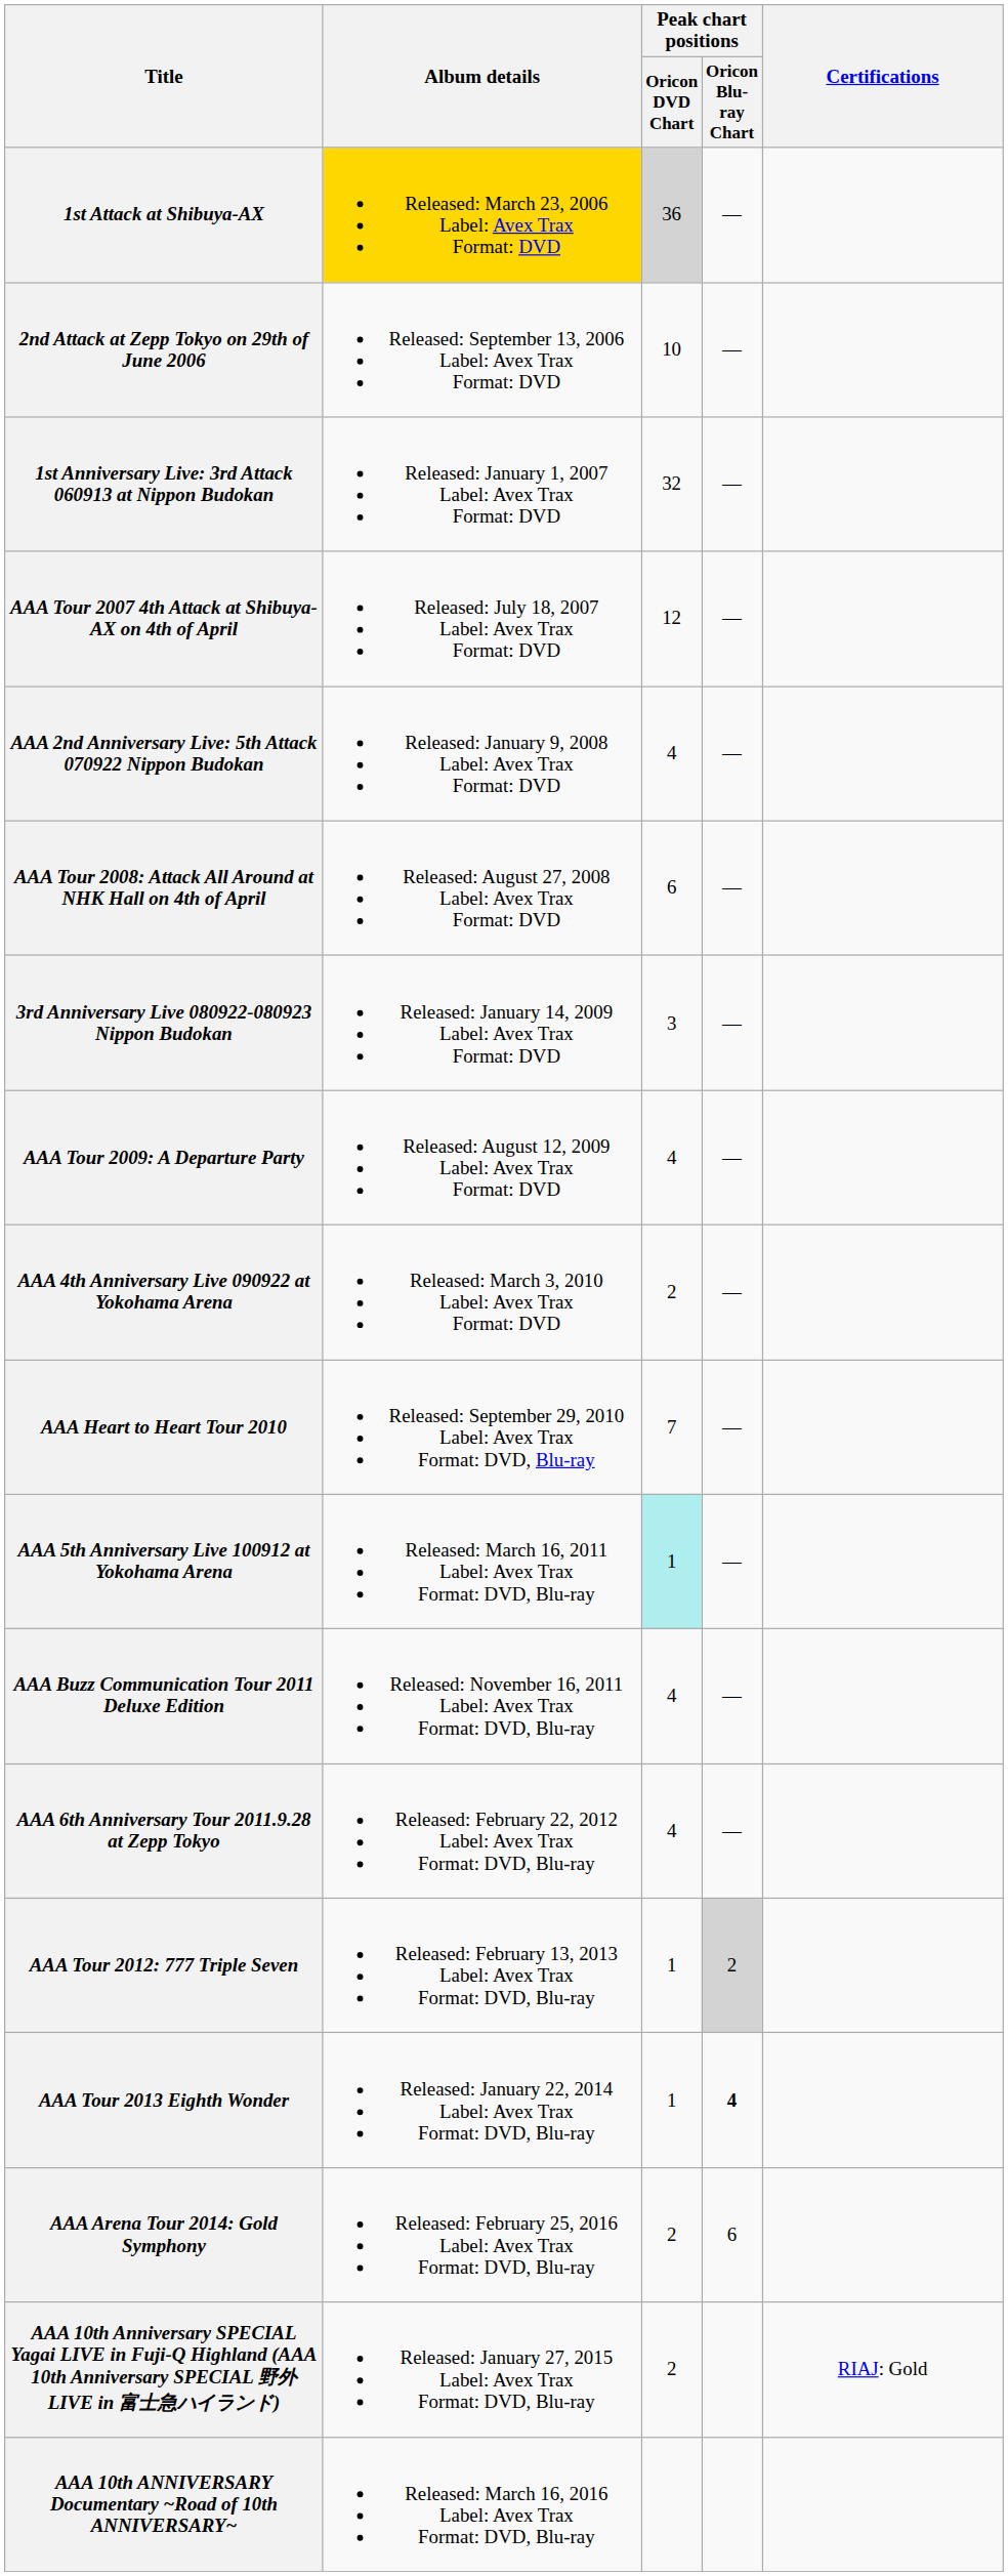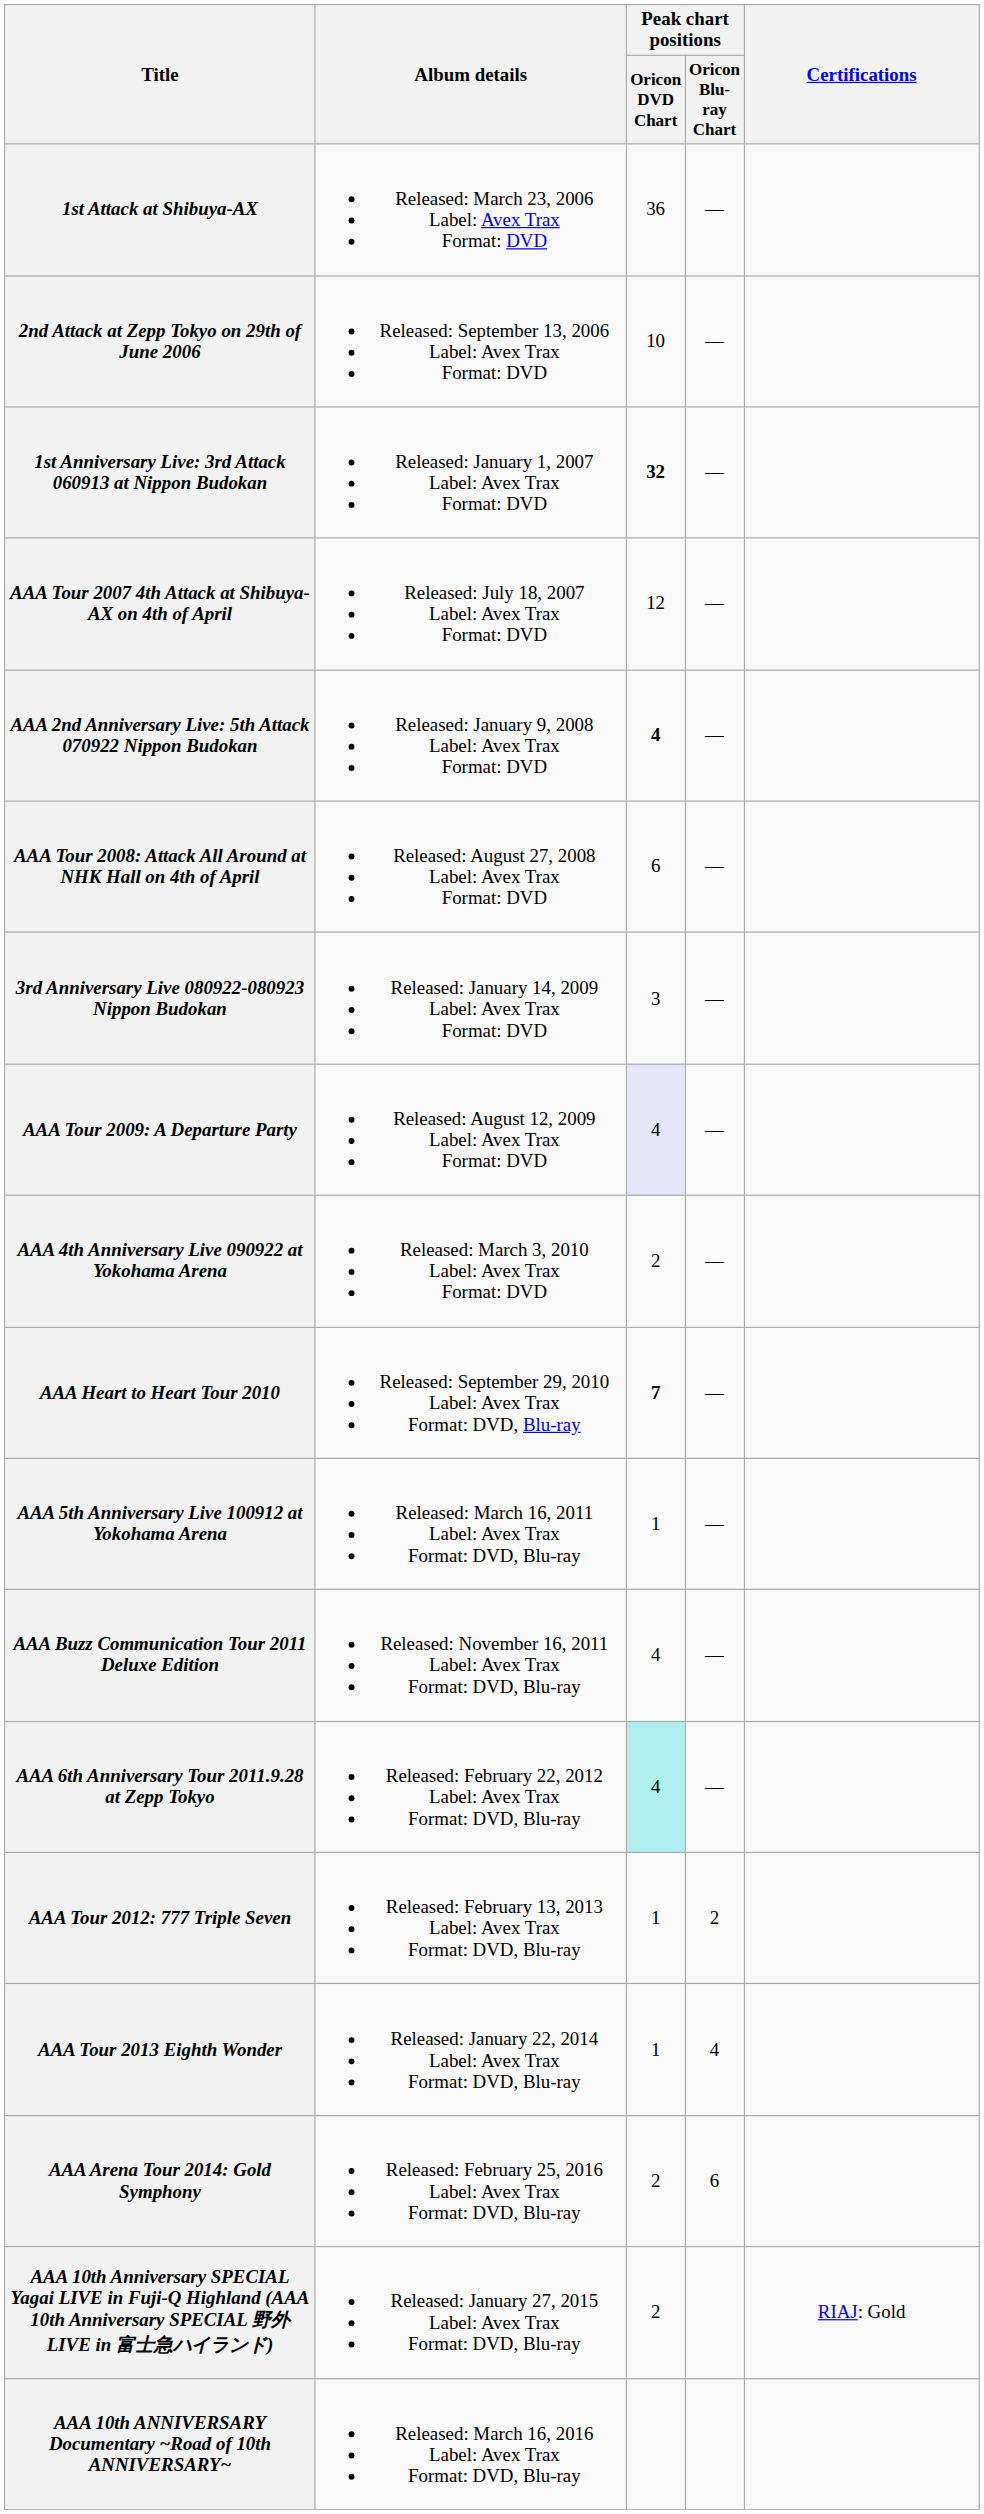 <table class="wikitable plainrowheaders" style="text-align:center;" border="1">
 <tr>
 <th scope="col" rowspan="2" style="width:16em;">Title</th>
 <th scope="col" rowspan="2" style="width:16em;">Album details</th>
 <th scope="col" colspan="2">Peak chart positions</th>
 <th scope="col" rowspan="2" style="width:12em;"><a href='#'>Certifications</a></th>
 </tr>
 <tr>
 <th scope="col" style="width:2.2em;font-size:90%;">Oricon DVD Chart<br></th>
 <th scope="col" style="width:2.2em;font-size:90%;">Oricon Blu-ray Chart<br></th>
 </tr>
 <tr>
 <th scope="row"><em>1st Attack at Shibuya-AX</em></th>
-<td style="background: gold;"><br><ul><li>Released: March 23, 2006</li><li>Label: <a href='#'>Avex Trax</a></li><li>Format: <a href='#'>DVD</a></li></ul></td>
-<td style="background: lightgrey;">36</td>
+<td><br><ul><li>Released: March 23, 2006</li><li>Label: <a href='#'>Avex Trax</a></li><li>Format: <a href='#'>DVD</a></li></ul></td>
+<td>36</td>
 <td>—</td>
 <td></td>
 </tr>
 <tr>
 <th scope="row"><em>2nd Attack at Zepp Tokyo on 29th of June 2006</em></th>
 <td><br><ul><li>Released: September 13, 2006</li><li>Label: Avex Trax</li><li>Format: DVD</li></ul></td>
 <td>10</td>
 <td>—</td>
 <td></td>
 </tr>
 <tr>
 <th scope="row"><em>1st Anniversary Live: 3rd Attack 060913 at Nippon Budokan</em></th>
 <td><br><ul><li>Released: January 1, 2007</li><li>Label: Avex Trax</li><li>Format: DVD</li></ul></td>
-<td>32</td>
+<td><strong>32</strong></td>
 <td>—</td>
 <td></td>
 </tr>
 <tr>
 <th scope="row"><em>AAA Tour 2007 4th Attack at Shibuya-AX on 4th of April</em></th>
 <td><br><ul><li>Released: July 18, 2007</li><li>Label: Avex Trax</li><li>Format: DVD</li></ul></td>
 <td>12</td>
 <td>—</td>
 <td></td>
 </tr>
 <tr>
 <th scope="row"><em>AAA 2nd Anniversary Live: 5th Attack 070922 Nippon Budokan</em></th>
 <td><br><ul><li>Released: January 9, 2008</li><li>Label: Avex Trax</li><li>Format: DVD</li></ul></td>
-<td>4</td>
+<td><strong>4</strong></td>
 <td>—</td>
 <td></td>
 </tr>
 <tr>
 <th scope="row"><em>AAA Tour 2008: Attack All Around at NHK Hall on 4th of April</em></th>
 <td><br><ul><li>Released: August 27, 2008</li><li>Label: Avex Trax</li><li>Format: DVD</li></ul></td>
 <td>6</td>
 <td>—</td>
 <td></td>
 </tr>
 <tr>
 <th scope="row"><em>3rd Anniversary Live 080922-080923 Nippon Budokan</em></th>
 <td><br><ul><li>Released: January 14, 2009</li><li>Label: Avex Trax</li><li>Format: DVD</li></ul></td>
 <td>3</td>
 <td>—</td>
 <td></td>
 </tr>
 <tr>
 <th scope="row"><em>AAA Tour 2009: A Departure Party</em></th>
 <td><br><ul><li>Released: August 12, 2009</li><li>Label: Avex Trax</li><li>Format: DVD</li></ul></td>
-<td>4</td>
+<td style="background: lavender;">4</td>
 <td>—</td>
 <td></td>
 </tr>
 <tr>
 <th scope="row"><em>AAA 4th Anniversary Live 090922 at Yokohama Arena</em></th>
 <td><br><ul><li>Released: March 3, 2010</li><li>Label: Avex Trax</li><li>Format: DVD</li></ul></td>
 <td>2</td>
 <td>—</td>
 <td></td>
 </tr>
 <tr>
 <th scope="row"><em>AAA Heart to Heart Tour 2010</em></th>
 <td><br><ul><li>Released: September 29, 2010</li><li>Label: Avex Trax</li><li>Format: DVD, <a href='#'>Blu-ray</a></li></ul></td>
-<td>7</td>
+<td><strong>7</strong></td>
 <td>—</td>
 <td></td>
 </tr>
 <tr>
 <th scope="row"><em>AAA 5th Anniversary Live 100912 at Yokohama Arena</em></th>
 <td><br><ul><li>Released: March 16, 2011</li><li>Label: Avex Trax</li><li>Format: DVD, Blu-ray</li></ul></td>
-<td style="background: paleturquoise;">1</td>
+<td>1</td>
 <td>—</td>
 <td></td>
 </tr>
 <tr>
 <th scope="row"><em>AAA Buzz Communication Tour 2011 Deluxe Edition</em></th>
 <td><br><ul><li>Released: November 16, 2011</li><li>Label: Avex Trax</li><li>Format: DVD, Blu-ray</li></ul></td>
 <td>4</td>
 <td>—</td>
 <td></td>
 </tr>
 <tr>
 <th scope="row"><em>AAA 6th Anniversary Tour 2011.9.28 at Zepp Tokyo</em></th>
 <td><br><ul><li>Released: February 22, 2012</li><li>Label: Avex Trax</li><li>Format: DVD, Blu-ray</li></ul></td>
-<td>4</td>
+<td style="background: paleturquoise;">4</td>
 <td>—</td>
 <td></td>
 </tr>
 <tr>
 <th scope="row"><em>AAA Tour 2012: 777 Triple Seven</em></th>
 <td><br><ul><li>Released: February 13, 2013</li><li>Label: Avex Trax</li><li>Format: DVD, Blu-ray</li></ul></td>
 <td>1</td>
-<td style="background: lightgrey;">2</td>
+<td>2</td>
 <td></td>
 </tr>
 <tr>
 <th scope="row"><em>AAA Tour 2013 Eighth Wonder</em></th>
 <td><br><ul><li>Released: January 22, 2014</li><li>Label: Avex Trax</li><li>Format: DVD, Blu-ray</li></ul></td>
 <td>1</td>
-<td><strong>4</strong></td>
+<td>4</td>
 <td></td>
 </tr>
 <tr>
 <th scope="row"><em>AAA Arena Tour 2014: Gold Symphony</em></th>
 <td><br><ul><li>Released: February 25, 2016</li><li>Label: Avex Trax</li><li>Format: DVD, Blu-ray</li></ul></td>
 <td>2</td>
 <td>6</td>
 <td></td>
 </tr>
 <tr>
 <th scope="row"><em>AAA 10th Anniversary SPECIAL Yagai LIVE in Fuji-Q Highland (AAA 10th Anniversary SPECIAL 野外LIVE in 富士急ハイランド)</em></th>
 <td><br><ul><li>Released: January 27, 2015</li><li>Label: Avex Trax</li><li>Format: DVD, Blu-ray</li></ul></td>
 <td>2</td>
 <td></td>
 <td><a href='#'>RIAJ</a>: Gold</td>
 </tr>
 <tr>
 <th scope="row"><em>AAA 10th ANNIVERSARY Documentary ~Road of 10th ANNIVERSARY~</em></th>
 <td><br><ul><li>Released: March 16, 2016</li><li>Label: Avex Trax</li><li>Format: DVD, Blu-ray</li></ul></td>
 <td></td>
 <td></td>
 <td></td>
 </tr>
 </table>
